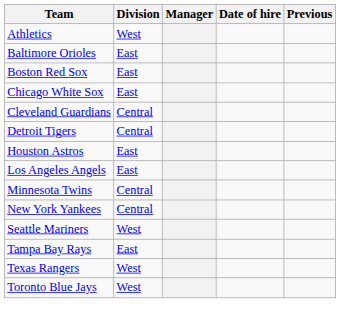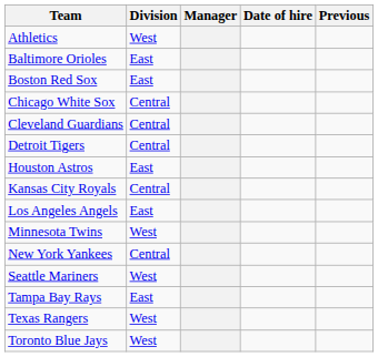 <table class="wikitable sortable plainrowheaders">
 <tr>
 <th scope="col">Team</th>
 <th scope="col">Division</th>
 <th scope="col">Manager</th>
 <th scope="col">Date of hire</th>
 <th scope="col">Previous</th>
 </tr>
 <tr>
 <td><a href='#'>Athletics</a></td>
 <td><a href='#'>West</a></td>
 <th scope="row"></th>
 <td></td>
 <td></td>
 </tr>
 <tr>
 <td><a href='#'>Baltimore Orioles</a></td>
 <td><a href='#'>East</a></td>
 <th scope="row"></th>
 <td></td>
 <td></td>
 </tr>
 <tr>
 <td><a href='#'>Boston Red Sox</a></td>
 <td><a href='#'>East</a></td>
 <th scope="row"></th>
 <td></td>
 <td></td>
 </tr>
 <tr>
 <td><a href='#'>Chicago White Sox</a></td>
-<td><a href='#'>East</a></td>
+<td><a href='#'>Central</a></td>
 <th scope="row"></th>
 <td></td>
 <td></td>
 </tr>
 <tr>
 <td><a href='#'>Cleveland Guardians</a></td>
 <td><a href='#'>Central</a></td>
 <th scope="row"></th>
 <td></td>
 <td></td>
 </tr>
 <tr>
 <td><a href='#'>Detroit Tigers</a></td>
 <td><a href='#'>Central</a></td>
 <th scope="row"></th>
 <td></td>
 <td></td>
 </tr>
 <tr>
 <td><a href='#'>Houston Astros</a></td>
 <td><a href='#'>East</a></td>
 <th scope="row"></th>
 <td></td>
 <td></td>
 </tr>
 <tr>
+<td><a href='#'>Kansas City Royals</a></td>
+<td><a href='#'>Central</a></td>
+<th scope="row"></th>
+<td></td>
+<td></td>
+</tr>
+<tr>
 <td><a href='#'>Los Angeles Angels</a></td>
 <td><a href='#'>East</a></td>
 <th scope="row"></th>
 <td></td>
 <td></td>
 </tr>
 <tr>
 <td><a href='#'>Minnesota Twins</a></td>
-<td><a href='#'>Central</a></td>
+<td><a href='#'>West</a></td>
 <th scope="row"></th>
 <td></td>
 <td></td>
 </tr>
 <tr>
 <td><a href='#'>New York Yankees</a></td>
 <td><a href='#'>Central</a></td>
 <th scope="row"></th>
 <td></td>
 <td></td>
 </tr>
 <tr>
 <td><a href='#'>Seattle Mariners</a></td>
 <td><a href='#'>West</a></td>
 <th scope="row"></th>
 <td></td>
 <td></td>
 </tr>
 <tr>
 <td><a href='#'>Tampa Bay Rays</a></td>
 <td><a href='#'>East</a></td>
 <th scope="row"></th>
 <td></td>
 <td></td>
 </tr>
 <tr>
 <td><a href='#'>Texas Rangers</a></td>
 <td><a href='#'>West</a></td>
 <th scope="row"></th>
 <td></td>
 <td></td>
 </tr>
 <tr>
 <td><a href='#'>Toronto Blue Jays</a></td>
 <td><a href='#'>West</a></td>
 <th scope="row"></th>
 <td></td>
 <td></td>
 </tr>
 </table>
